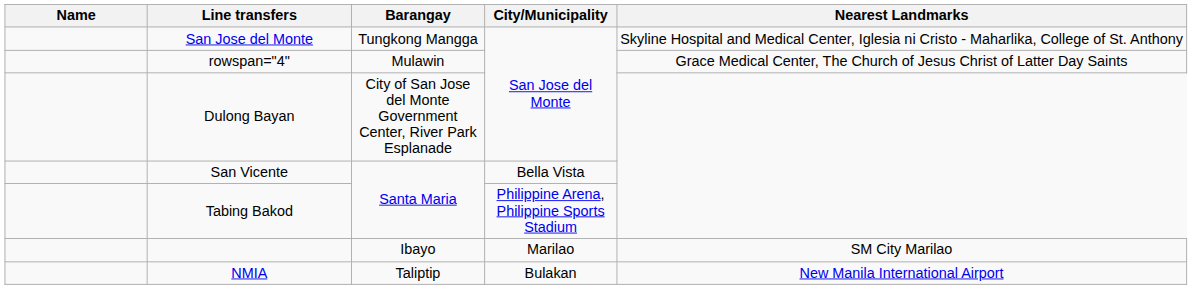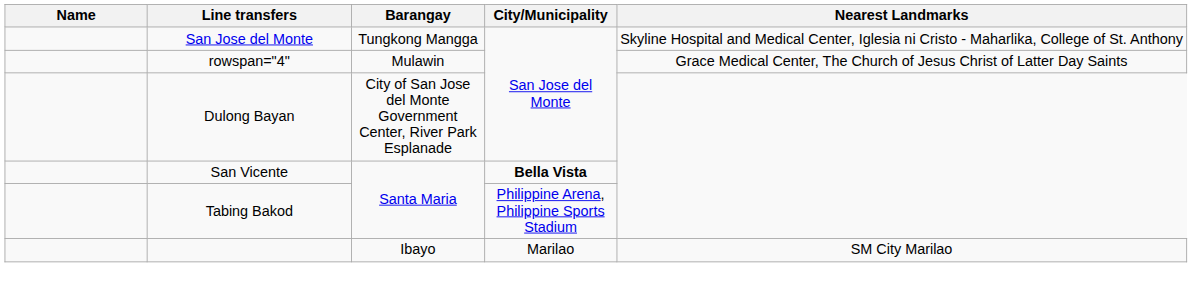 <table class="wikitable" style="margin-left: auto; margin-right: auto; border: none; text-align:center">
 <tr>
 <th width="150px">Name</th>
 <th width="220px">Line transfers</th>
 <th width="140px">Barangay</th>
 <th width="140px">City/Municipality</th>
 <th>Nearest Landmarks</th>
 </tr>
 <tr>
 <td><em></em></td>
 <td> <a href='#'>San Jose del Monte</a></td>
 <td>Tungkong Mangga</td>
 <td rowspan="3"><a href='#'>San Jose del Monte</a></td>
 <td>Skyline Hospital and Medical Center, Iglesia ni Cristo - Maharlika, College of St. Anthony</td>
 </tr>
 <tr>
 <td><em></em></td>
 <td>rowspan="4" </td>
 <td>Mulawin</td>
 <td>Grace Medical Center, The Church of Jesus Christ of Latter Day Saints</td>
 </tr>
 <tr>
 <td><em></em></td>
 <td>Dulong Bayan</td>
 <td>City of San Jose del Monte Government Center, River Park Esplanade</td>
 </tr>
 <tr>
 <td><em></em></td>
 <td>San Vicente</td>
 <td rowspan="2"><a href='#'>Santa Maria</a></td>
-<td>Bella Vista</td>
+<td><strong>Bella Vista</strong></td>
 </tr>
 <tr>
 <td><em></em></td>
 <td>Tabing Bakod</td>
 <td><a href='#'>Philippine Arena</a>, <a href='#'>Philippine Sports Stadium</a></td>
 </tr>
 <tr>
 <td><em></em></td>
 <td><a href='#'></a> </td>
 <td>Ibayo</td>
 <td>Marilao</td>
 <td>SM City Marilao</td>
 </tr>
-<tr>
-<td><em></em></td>
-<td> <a href='#'>NMIA</a></td>
-<td>Taliptip</td>
-<td>Bulakan</td>
-<td><a href='#'>New Manila International Airport</a></td>
-</tr>
 </table>
